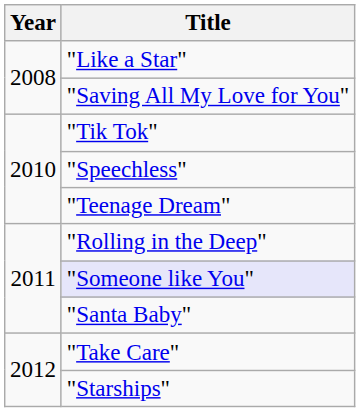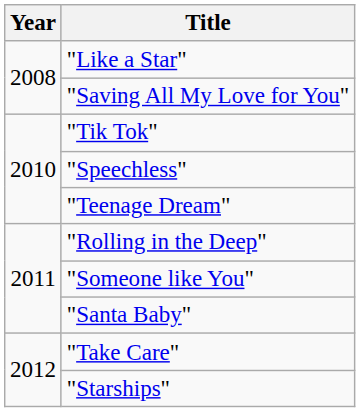 <table class="wikitable plainrowheaders" style="text-align:center;">
 <tr>
 <th scope="col" scope="rowspan">Year</th>
 <th scope="col" scope="rowspan">Title</th>
 </tr>
 <tr>
 <td rowspan="2">2008</td>
 <td align="left">"<a href='#'>Like a Star</a>"</td>
 </tr>
 <tr>
 <td align="left">"<a href='#'>Saving All My Love for You</a>"</td>
 </tr>
 <tr>
 <td rowspan="3">2010</td>
 <td align="left">"<a href='#'>Tik Tok</a>"</td>
 </tr>
 <tr>
 <td align="left">"<a href='#'>Speechless</a>"</td>
 </tr>
 <tr>
 <td align="left">"<a href='#'>Teenage Dream</a>"</td>
 </tr>
 <tr>
 <td rowspan="3">2011</td>
 <td align="left">"<a href='#'>Rolling in the Deep</a>"</td>
 </tr>
 <tr>
-<td align="left" style="background: lavender;">"<a href='#'>Someone like You</a>"</td>
+<td align="left">"<a href='#'>Someone like You</a>"</td>
 </tr>
 <tr>
 <td align="left">"<a href='#'>Santa Baby</a>"</td>
 </tr>
 <tr>
 <td rowspan="2">2012</td>
 <td align="left">"<a href='#'>Take Care</a>"</td>
 </tr>
 <tr>
 <td align="left">"<a href='#'>Starships</a>"</td>
 </tr>
 </table>
